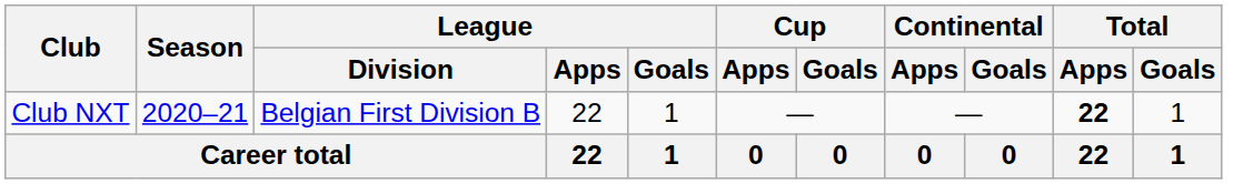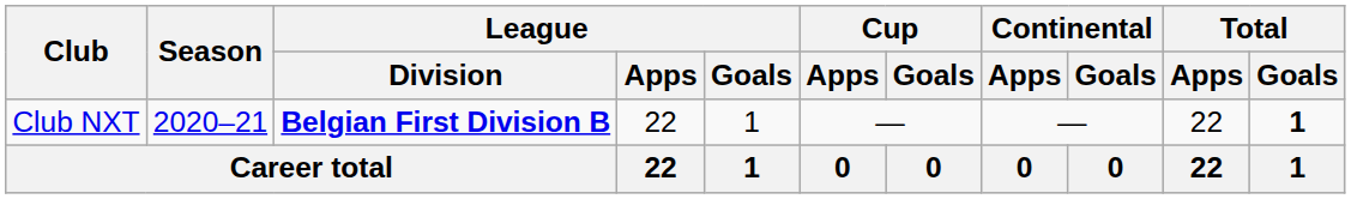 <table class=wikitable style=text-align:center>
 <tr>
 <th rowspan=2>Club</th>
 <th rowspan=2>Season</th>
 <th colspan=3>League</th>
 <th colspan=2>Cup</th>
 <th colspan=2>Continental</th>
 <th colspan=2>Total</th>
 </tr>
 <tr>
 <th>Division</th>
 <th>Apps</th>
 <th>Goals</th>
 <th>Apps</th>
 <th>Goals</th>
 <th>Apps</th>
 <th>Goals</th>
 <th>Apps</th>
 <th>Goals</th>
 </tr>
 <tr>
 <td rowspan=1><a href='#'>Club NXT</a></td>
 <td><a href='#'>2020–21</a></td>
-<td><a href='#'>Belgian First Division B</a></td>
+<td><strong><a href='#'>Belgian First Division B</a></strong></td>
 <td>22</td>
 <td>1</td>
 <td colspan="2">—</td>
 <td colspan="2">—</td>
-<td><strong>22</strong></td>
-<td>1</td>
+<td>22</td>
+<td><strong>1</strong></td>
 </tr>
 <tr>
 <th colspan=3>Career total</th>
 <th>22</th>
 <th>1</th>
 <th>0</th>
 <th>0</th>
 <th>0</th>
 <th>0</th>
 <th>22</th>
 <th>1</th>
 </tr>
 </table>
